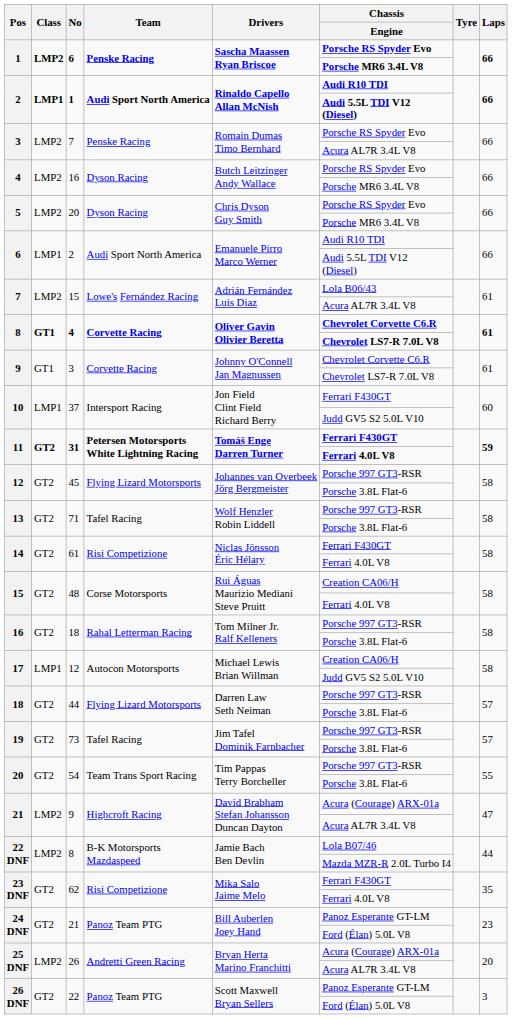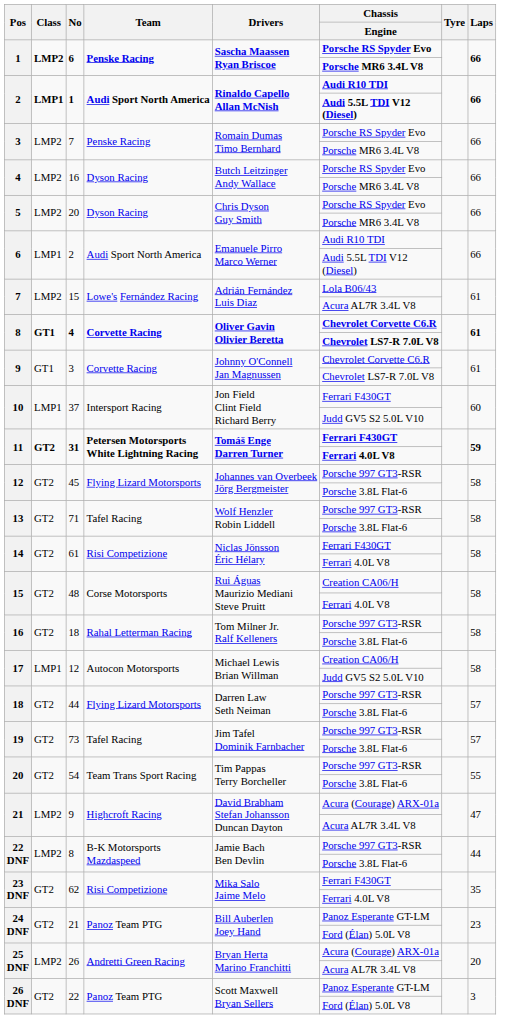 <table class="wikitable" style="font-size: 95%;">
 <tr>
 <th rowspan=2>Pos</th>
 <th rowspan=2>Class</th>
 <th rowspan=2>No</th>
 <th rowspan=2>Team</th>
 <th rowspan=2>Drivers</th>
 <th>Chassis</th>
 <th rowspan=2>Tyre</th>
 <th rowspan=2>Laps</th>
 </tr>
 <tr>
 <th>Engine</th>
 </tr>
 <tr style="font-weight:bold">
 <th rowspan=2>1</th>
 <td rowspan=2>LMP2</td>
 <td rowspan=2>6</td>
 <td rowspan=2> <a href='#'>Penske Racing</a></td>
 <td rowspan=2> <a href='#'>Sascha Maassen</a><br> <a href='#'>Ryan Briscoe</a></td>
 <td><a href='#'>Porsche RS Spyder</a> Evo</td>
 <td rowspan=2></td>
 <td rowspan=2>66</td>
 </tr>
 <tr style="font-weight:bold">
 <td><a href='#'>Porsche</a> MR6 3.4L V8</td>
 </tr>
 <tr style="font-weight:bold">
 <th rowspan=2>2</th>
 <td rowspan=2>LMP1</td>
 <td rowspan=2>1</td>
 <td rowspan=2> <a href='#'>Audi</a> Sport North America</td>
 <td rowspan=2> <a href='#'>Rinaldo Capello</a><br> <a href='#'>Allan McNish</a></td>
 <td><a href='#'>Audi R10 TDI</a></td>
 <td rowspan=2></td>
 <td rowspan=2>66</td>
 </tr>
 <tr style="font-weight:bold">
 <td><a href='#'>Audi</a> 5.5L <a href='#'>TDI</a> V12<br>(<a href='#'>Diesel</a>)</td>
 </tr>
 <tr>
 <th rowspan=2>3</th>
 <td rowspan=2>LMP2</td>
 <td rowspan=2>7</td>
 <td rowspan=2> <a href='#'>Penske Racing</a></td>
 <td rowspan=2> <a href='#'>Romain Dumas</a><br> <a href='#'>Timo Bernhard</a></td>
 <td><a href='#'>Porsche RS Spyder</a> Evo</td>
 <td rowspan=2></td>
 <td rowspan=2>66</td>
 </tr>
 <tr>
-<td><a href='#'>Acura</a> AL7R 3.4L V8</td>
+<td><a href='#'>Porsche</a> MR6 3.4L V8</td>
 </tr>
 <tr>
 <th rowspan=2>4</th>
 <td rowspan=2>LMP2</td>
 <td rowspan=2>16</td>
 <td rowspan=2> <a href='#'>Dyson Racing</a></td>
 <td rowspan=2> <a href='#'>Butch Leitzinger</a><br> <a href='#'>Andy Wallace</a></td>
 <td><a href='#'>Porsche RS Spyder</a> Evo</td>
 <td rowspan=2></td>
 <td rowspan=2>66</td>
 </tr>
 <tr>
 <td><a href='#'>Porsche</a> MR6 3.4L V8</td>
 </tr>
 <tr>
 <th rowspan=2>5</th>
 <td rowspan=2>LMP2</td>
 <td rowspan=2>20</td>
 <td rowspan=2> <a href='#'>Dyson Racing</a></td>
 <td rowspan=2> <a href='#'>Chris Dyson</a><br> <a href='#'>Guy Smith</a></td>
 <td><a href='#'>Porsche RS Spyder</a> Evo</td>
 <td rowspan=2></td>
 <td rowspan=2>66</td>
 </tr>
 <tr>
 <td><a href='#'>Porsche</a> MR6 3.4L V8</td>
 </tr>
 <tr>
 <th rowspan=2>6</th>
 <td rowspan=2>LMP1</td>
 <td rowspan=2>2</td>
 <td rowspan=2> <a href='#'>Audi</a> Sport North America</td>
 <td rowspan=2> <a href='#'>Emanuele Pirro</a><br> <a href='#'>Marco Werner</a></td>
 <td><a href='#'>Audi R10 TDI</a></td>
 <td rowspan=2></td>
 <td rowspan=2>66</td>
 </tr>
 <tr>
 <td><a href='#'>Audi</a> 5.5L <a href='#'>TDI</a> V12<br>(<a href='#'>Diesel</a>)</td>
 </tr>
 <tr>
 <th rowspan=2>7</th>
 <td rowspan=2>LMP2</td>
 <td rowspan=2>15</td>
 <td rowspan=2> <a href='#'>Lowe's</a> <a href='#'>Fernández Racing</a></td>
 <td rowspan=2> <a href='#'>Adrián Fernández</a><br> <a href='#'>Luis Diaz</a></td>
 <td><a href='#'>Lola B06/43</a></td>
 <td rowspan=2></td>
 <td rowspan=2>61</td>
 </tr>
 <tr>
 <td><a href='#'>Acura</a> AL7R 3.4L V8</td>
 </tr>
 <tr style="font-weight:bold">
 <th rowspan=2>8</th>
 <td rowspan=2>GT1</td>
 <td rowspan=2>4</td>
 <td rowspan=2> <a href='#'>Corvette Racing</a></td>
 <td rowspan=2> <a href='#'>Oliver Gavin</a><br> <a href='#'>Olivier Beretta</a></td>
 <td><a href='#'>Chevrolet Corvette C6.R</a></td>
 <td rowspan=2></td>
 <td rowspan=2>61</td>
 </tr>
 <tr style="font-weight:bold">
 <td><a href='#'>Chevrolet</a> LS7-R 7.0L V8</td>
 </tr>
 <tr>
 <th rowspan=2>9</th>
 <td rowspan=2>GT1</td>
 <td rowspan=2>3</td>
 <td rowspan=2> <a href='#'>Corvette Racing</a></td>
 <td rowspan=2> <a href='#'>Johnny O'Connell</a><br> <a href='#'>Jan Magnussen</a></td>
 <td><a href='#'>Chevrolet Corvette C6.R</a></td>
 <td rowspan=2></td>
 <td rowspan=2>61</td>
 </tr>
 <tr>
 <td><a href='#'>Chevrolet</a> LS7-R 7.0L V8</td>
 </tr>
 <tr>
 <th rowspan=2>10</th>
 <td rowspan=2>LMP1</td>
 <td rowspan=2>37</td>
 <td rowspan=2> Intersport Racing</td>
 <td rowspan=2> Jon Field<br> Clint Field<br> Richard Berry</td>
 <td><a href='#'>Ferrari F430GT</a></td>
 <td rowspan=2></td>
 <td rowspan=2>60</td>
 </tr>
 <tr>
 <td><a href='#'>Judd</a> GV5 S2 5.0L V10</td>
 </tr>
 <tr style="font-weight:bold">
 <th rowspan=2>11</th>
 <td rowspan=2>GT2</td>
 <td rowspan=2>31</td>
 <td rowspan=2> Petersen Motorsports<br> White Lightning Racing</td>
 <td rowspan=2> <a href='#'>Tomáš Enge</a><br> <a href='#'>Darren Turner</a></td>
 <td><a href='#'>Ferrari F430GT</a></td>
 <td rowspan=2></td>
 <td rowspan=2>59</td>
 </tr>
 <tr style="font-weight:bold">
 <td><a href='#'>Ferrari</a> 4.0L V8</td>
 </tr>
 <tr>
 <th rowspan=2>12</th>
 <td rowspan=2>GT2</td>
 <td rowspan=2>45</td>
 <td rowspan=2> <a href='#'>Flying Lizard Motorsports</a></td>
 <td rowspan=2> <a href='#'>Johannes van Overbeek</a><br> <a href='#'>Jörg Bergmeister</a></td>
 <td><a href='#'>Porsche 997 GT3</a>-RSR</td>
 <td rowspan=2></td>
 <td rowspan=2>58</td>
 </tr>
 <tr>
 <td><a href='#'>Porsche</a> 3.8L Flat-6</td>
 </tr>
 <tr>
 <th rowspan=2>13</th>
 <td rowspan=2>GT2</td>
 <td rowspan=2>71</td>
 <td rowspan=2> Tafel Racing</td>
 <td rowspan=2> <a href='#'>Wolf Henzler</a><br> Robin Liddell</td>
 <td><a href='#'>Porsche 997 GT3</a>-RSR</td>
 <td rowspan=2></td>
 <td rowspan=2>58</td>
 </tr>
 <tr>
 <td><a href='#'>Porsche</a> 3.8L Flat-6</td>
 </tr>
 <tr>
 <th rowspan=2>14</th>
 <td rowspan=2>GT2</td>
 <td rowspan=2>61</td>
 <td rowspan=2> <a href='#'>Risi Competizione</a></td>
 <td rowspan=2> <a href='#'>Niclas Jönsson</a><br> <a href='#'>Éric Hélary</a></td>
 <td><a href='#'>Ferrari F430GT</a></td>
 <td rowspan=2></td>
 <td rowspan=2>58</td>
 </tr>
 <tr>
 <td><a href='#'>Ferrari</a> 4.0L V8</td>
 </tr>
 <tr>
 <th rowspan=2>15</th>
 <td rowspan=2>GT2</td>
 <td rowspan=2>48</td>
 <td rowspan=2> Corse Motorsports</td>
 <td rowspan=2> <a href='#'>Rui Águas</a><br> Maurizio Mediani<br> Steve Pruitt</td>
 <td><a href='#'>Creation CA06/H</a></td>
 <td rowspan=2></td>
 <td rowspan=2>58</td>
 </tr>
 <tr>
 <td><a href='#'>Ferrari</a> 4.0L V8</td>
 </tr>
 <tr>
 <th rowspan=2>16</th>
 <td rowspan=2>GT2</td>
 <td rowspan=2>18</td>
 <td rowspan=2> <a href='#'>Rahal Letterman Racing</a></td>
 <td rowspan=2> Tom Milner Jr.<br> <a href='#'>Ralf Kelleners</a></td>
 <td><a href='#'>Porsche 997 GT3</a>-RSR</td>
 <td rowspan=2></td>
 <td rowspan=2>58</td>
 </tr>
 <tr>
 <td><a href='#'>Porsche</a> 3.8L Flat-6</td>
 </tr>
 <tr>
 <th rowspan=2>17</th>
 <td rowspan=2>LMP1</td>
 <td rowspan=2>12</td>
 <td rowspan=2> Autocon Motorsports</td>
 <td rowspan=2> Michael Lewis<br> Brian Willman</td>
 <td><a href='#'>Creation CA06/H</a></td>
 <td rowspan=2></td>
 <td rowspan=2>58</td>
 </tr>
 <tr>
 <td><a href='#'>Judd</a> GV5 S2 5.0L V10</td>
 </tr>
 <tr>
 <th rowspan=2>18</th>
 <td rowspan=2>GT2</td>
 <td rowspan=2>44</td>
 <td rowspan=2> <a href='#'>Flying Lizard Motorsports</a></td>
 <td rowspan=2> Darren Law<br> Seth Neiman</td>
 <td><a href='#'>Porsche 997 GT3</a>-RSR</td>
 <td rowspan=2></td>
 <td rowspan=2>57</td>
 </tr>
 <tr>
 <td><a href='#'>Porsche</a> 3.8L Flat-6</td>
 </tr>
 <tr>
 <th rowspan=2>19</th>
 <td rowspan=2>GT2</td>
 <td rowspan=2>73</td>
 <td rowspan=2> Tafel Racing</td>
 <td rowspan=2> Jim Tafel<br> <a href='#'>Dominik Farnbacher</a></td>
 <td><a href='#'>Porsche 997 GT3</a>-RSR</td>
 <td rowspan=2></td>
 <td rowspan=2>57</td>
 </tr>
 <tr>
 <td><a href='#'>Porsche</a> 3.8L Flat-6</td>
 </tr>
 <tr>
 <th rowspan=2>20</th>
 <td rowspan=2>GT2</td>
 <td rowspan=2>54</td>
 <td rowspan=2> Team Trans Sport Racing</td>
 <td rowspan=2> Tim Pappas<br> Terry Borcheller</td>
 <td><a href='#'>Porsche 997 GT3</a>-RSR</td>
 <td rowspan=2></td>
 <td rowspan=2>55</td>
 </tr>
 <tr>
 <td><a href='#'>Porsche</a> 3.8L Flat-6</td>
 </tr>
 <tr>
 <th rowspan=2>21</th>
 <td rowspan=2>LMP2</td>
 <td rowspan=2>9</td>
 <td rowspan=2> <a href='#'>Highcroft Racing</a></td>
 <td rowspan=2> <a href='#'>David Brabham</a><br> <a href='#'>Stefan Johansson</a><br> Duncan Dayton</td>
 <td><a href='#'>Acura</a> (<a href='#'>Courage</a>) <a href='#'>ARX-01a</a></td>
 <td rowspan=2></td>
 <td rowspan=2>47</td>
 </tr>
 <tr>
 <td><a href='#'>Acura</a> AL7R 3.4L V8</td>
 </tr>
 <tr>
 <th rowspan=2>22<br>DNF</th>
 <td rowspan=2>LMP2</td>
 <td rowspan=2>8</td>
 <td rowspan=2> B-K Motorsports<br> <a href='#'>Mazdaspeed</a></td>
 <td rowspan=2> Jamie Bach<br> Ben Devlin</td>
-<td><a href='#'>Lola B07/46</a></td>
+<td><a href='#'>Porsche 997 GT3</a>-RSR</td>
 <td rowspan=2></td>
 <td rowspan=2>44</td>
 </tr>
 <tr>
-<td><a href='#'>Mazda MZR-R</a> 2.0L Turbo I4</td>
+<td><a href='#'>Porsche</a> 3.8L Flat-6</td>
 </tr>
 <tr>
 <th rowspan=2>23<br>DNF</th>
 <td rowspan=2>GT2</td>
 <td rowspan=2>62</td>
 <td rowspan=2> <a href='#'>Risi Competizione</a></td>
 <td rowspan=2> <a href='#'>Mika Salo</a><br> <a href='#'>Jaime Melo</a></td>
 <td><a href='#'>Ferrari F430GT</a></td>
 <td rowspan=2></td>
 <td rowspan=2>35</td>
 </tr>
 <tr>
 <td><a href='#'>Ferrari</a> 4.0L V8</td>
 </tr>
 <tr>
 <th rowspan=2>24<br>DNF</th>
 <td rowspan=2>GT2</td>
 <td rowspan=2>21</td>
 <td rowspan=2> <a href='#'>Panoz</a> Team PTG</td>
 <td rowspan=2> <a href='#'>Bill Auberlen</a><br> <a href='#'>Joey Hand</a></td>
 <td><a href='#'>Panoz Esperante</a> GT-LM</td>
 <td rowspan=2></td>
 <td rowspan=2>23</td>
 </tr>
 <tr>
 <td><a href='#'>Ford</a> (<a href='#'>Élan</a>) 5.0L V8</td>
 </tr>
 <tr>
 <th rowspan=2>25<br>DNF</th>
 <td rowspan=2>LMP2</td>
 <td rowspan=2>26</td>
 <td rowspan=2> <a href='#'>Andretti Green Racing</a></td>
 <td rowspan=2> <a href='#'>Bryan Herta</a><br> <a href='#'>Marino Franchitti</a></td>
 <td><a href='#'>Acura</a> (<a href='#'>Courage</a>) <a href='#'>ARX-01a</a></td>
 <td rowspan=2></td>
 <td rowspan=2>20</td>
 </tr>
 <tr>
 <td><a href='#'>Acura</a> AL7R 3.4L V8</td>
 </tr>
 <tr>
 <th rowspan=2>26<br>DNF</th>
 <td rowspan=2>GT2</td>
 <td rowspan=2>22</td>
 <td rowspan=2> <a href='#'>Panoz</a> Team PTG</td>
 <td rowspan=2> Scott Maxwell<br> <a href='#'>Bryan Sellers</a></td>
 <td><a href='#'>Panoz Esperante</a> GT-LM</td>
 <td rowspan=2></td>
 <td rowspan=2>3</td>
 </tr>
 <tr>
 <td><a href='#'>Ford</a> (<a href='#'>Élan</a>) 5.0L V8</td>
 </tr>
 </table>
